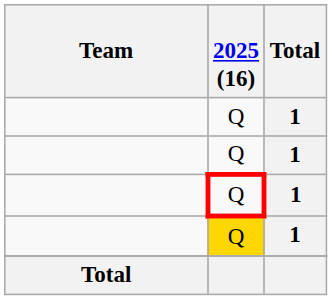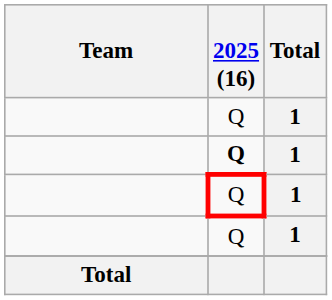 <table class="wikitable" style="text-align:center; font-size:90%;">
 <tr>
 <th style="width:120px;">Team</th>
 <th><br><a href='#'>2025</a><br>(16)</th>
 <th>Total</th>
 </tr>
 <tr>
 <td style="text-align:left;"></td>
 <td>Q</td>
 <th>1</th>
 </tr>
 <tr>
 <td style="text-align:left;"></td>
-<td>Q</td>
+<td><strong>Q</strong></td>
 <th>1</th>
 </tr>
 <tr>
 <td style="text-align:left;"></td>
 <td style="border:3px solid red;">Q</td>
 <th>1</th>
 </tr>
 <tr>
 <td style="text-align:left;"></td>
-<td style="background: gold;">Q</td>
+<td>Q</td>
 <th>1</th>
 </tr>
 <tr>
 </tr>
 <tr>
 <th>Total</th>
 <th></th>
 <th></th>
 </tr>
 </table>
